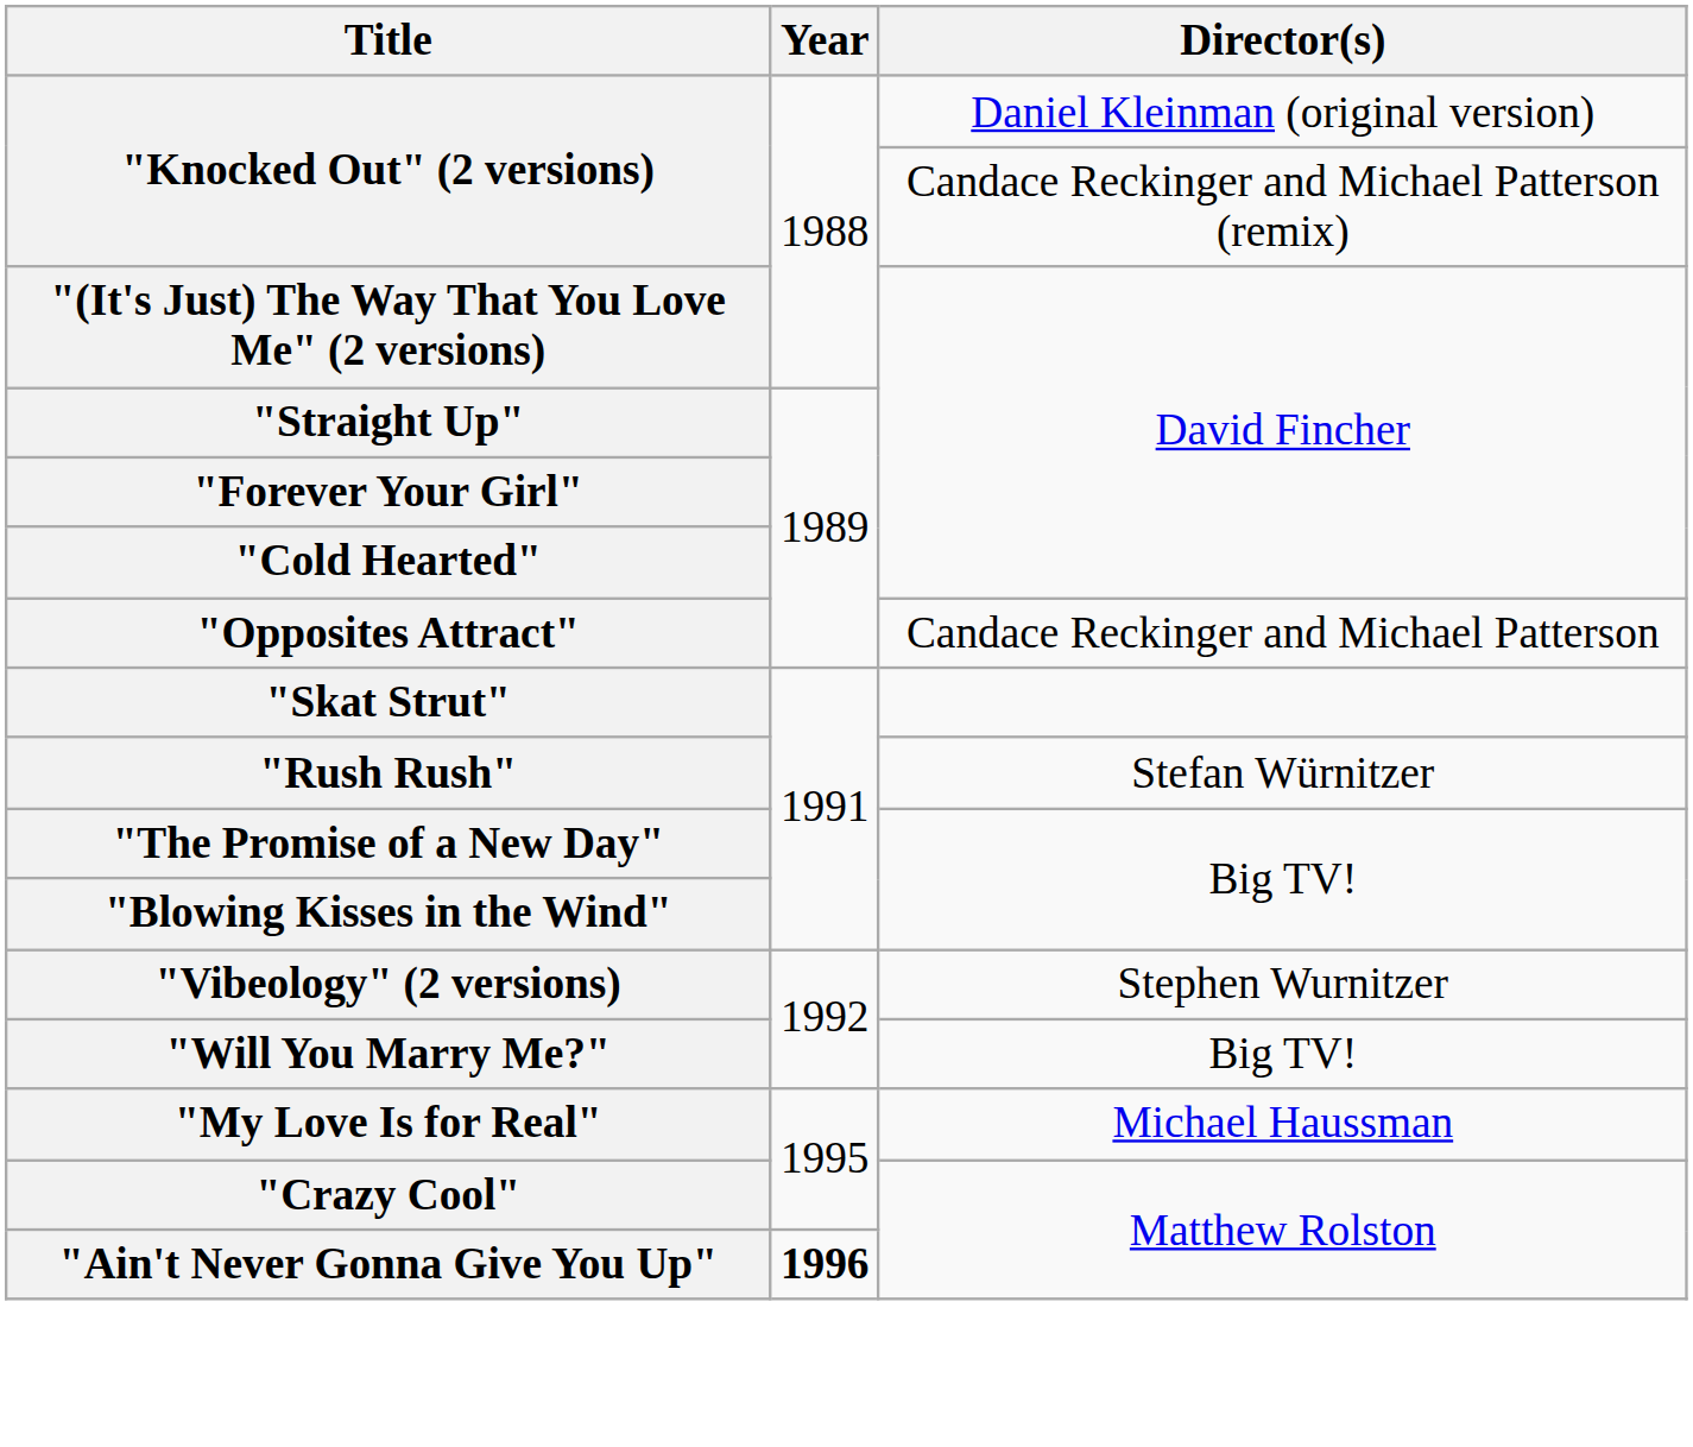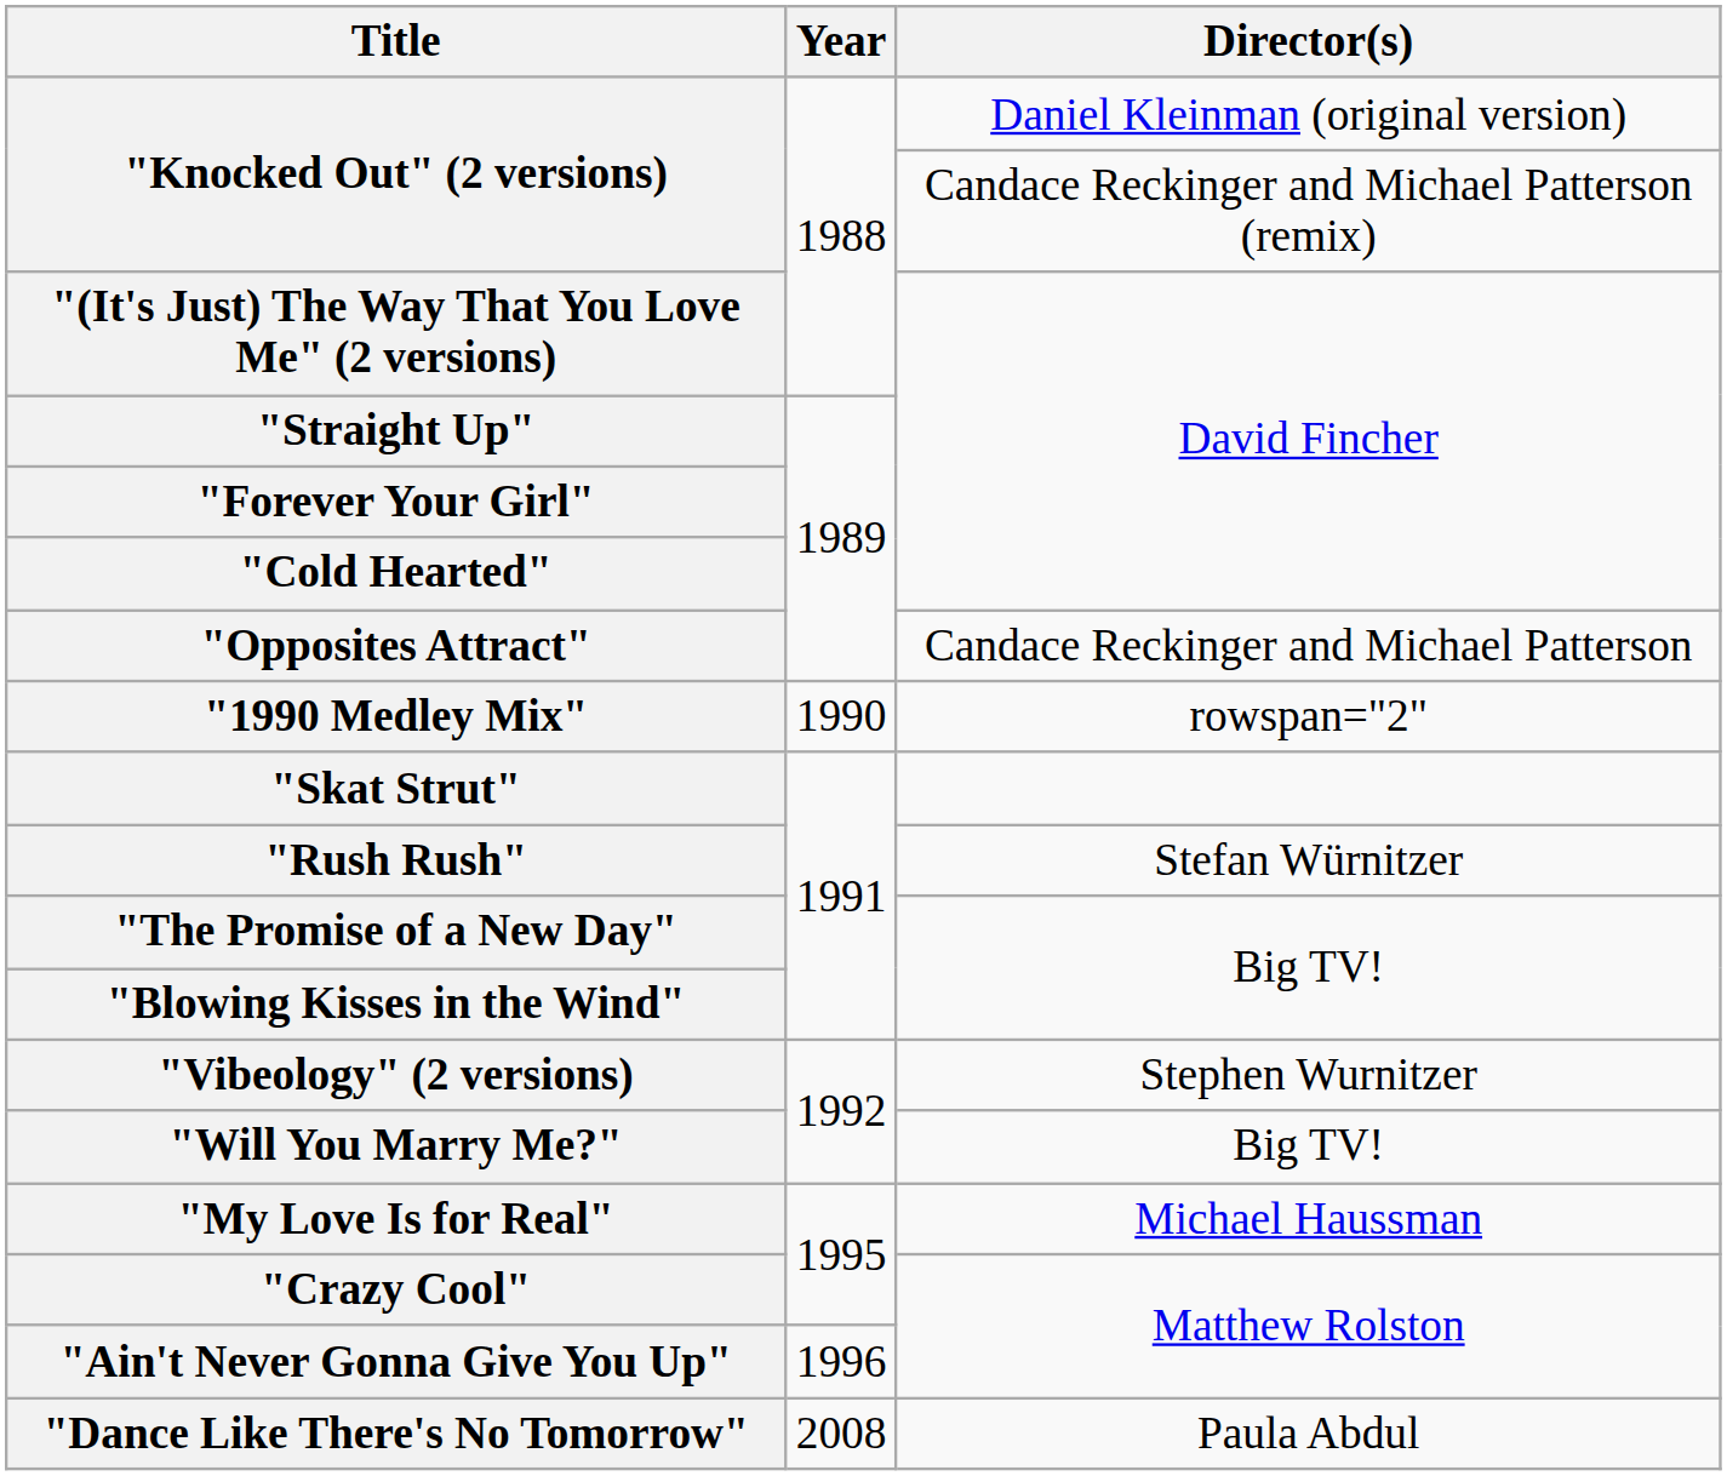 <table class="wikitable plainrowheaders" style="text-align:center;">
 <tr>
 <th scope="col" style="width:17em;">Title</th>
 <th scope="col">Year</th>
 <th scope="col" style="width:18em;">Director(s)</th>
 </tr>
 <tr>
 <th scope="row" rowspan="2">"Knocked Out" (2 versions)</th>
 <td rowspan="3">1988</td>
 <td><a href='#'>Daniel Kleinman</a> (original version)</td>
 </tr>
 <tr>
 <td>Candace Reckinger and Michael Patterson (remix)</td>
 </tr>
 <tr>
 <th scope="row">"(It's Just) The Way That You Love Me" (2 versions)</th>
 <td rowspan="4"><a href='#'>David Fincher</a></td>
 </tr>
 <tr>
 <th scope="row">"Straight Up"</th>
 <td rowspan="4">1989</td>
 </tr>
 <tr>
 <th scope="row">"Forever Your Girl"</th>
 </tr>
 <tr>
 <th scope="row">"Cold Hearted"</th>
 </tr>
 <tr>
 <th scope="row">"Opposites Attract"</th>
 <td>Candace Reckinger and Michael Patterson</td>
+</tr>
+<tr>
+<th scope="row">"1990 Medley Mix"</th>
+<td>1990</td>
+<td>rowspan="2" </td>
 </tr>
 <tr>
 <th scope="row">"Skat Strut"<br></th>
 <td rowspan="4">1991</td>
 </tr>
 <tr>
 <th scope="row">"Rush Rush"</th>
 <td>Stefan Würnitzer</td>
 </tr>
 <tr>
 <th scope="row">"The Promise of a New Day"</th>
 <td rowspan="2">Big TV!</td>
 </tr>
 <tr>
 <th scope="row">"Blowing Kisses in the Wind"</th>
 </tr>
 <tr>
 <th scope="row">"Vibeology" (2 versions)</th>
 <td rowspan="2">1992</td>
 <td>Stephen Wurnitzer</td>
 </tr>
 <tr>
 <th scope="row">"Will You Marry Me?"</th>
 <td>Big TV!</td>
 </tr>
 <tr>
 <th scope="row">"My Love Is for Real"</th>
 <td rowspan="2">1995</td>
 <td><a href='#'>Michael Haussman</a></td>
 </tr>
 <tr>
 <th scope="row">"Crazy Cool"</th>
 <td rowspan="2"><a href='#'>Matthew Rolston</a></td>
 </tr>
 <tr>
 <th scope="row">"Ain't Never Gonna Give You Up"</th>
-<td><strong>1996</strong></td>
+<td>1996</td>
+</tr>
+<tr>
+<th scope="row">"Dance Like There's No Tomorrow"</th>
+<td>2008</td>
+<td>Paula Abdul</td>
 </tr>
 </table>
